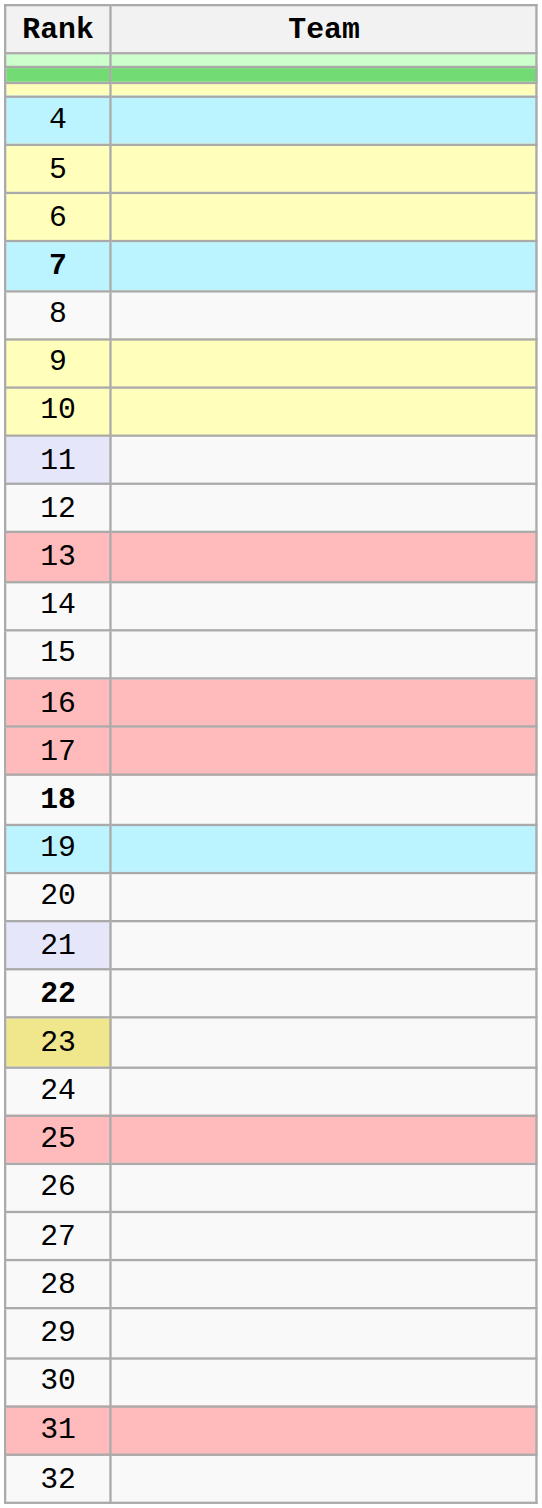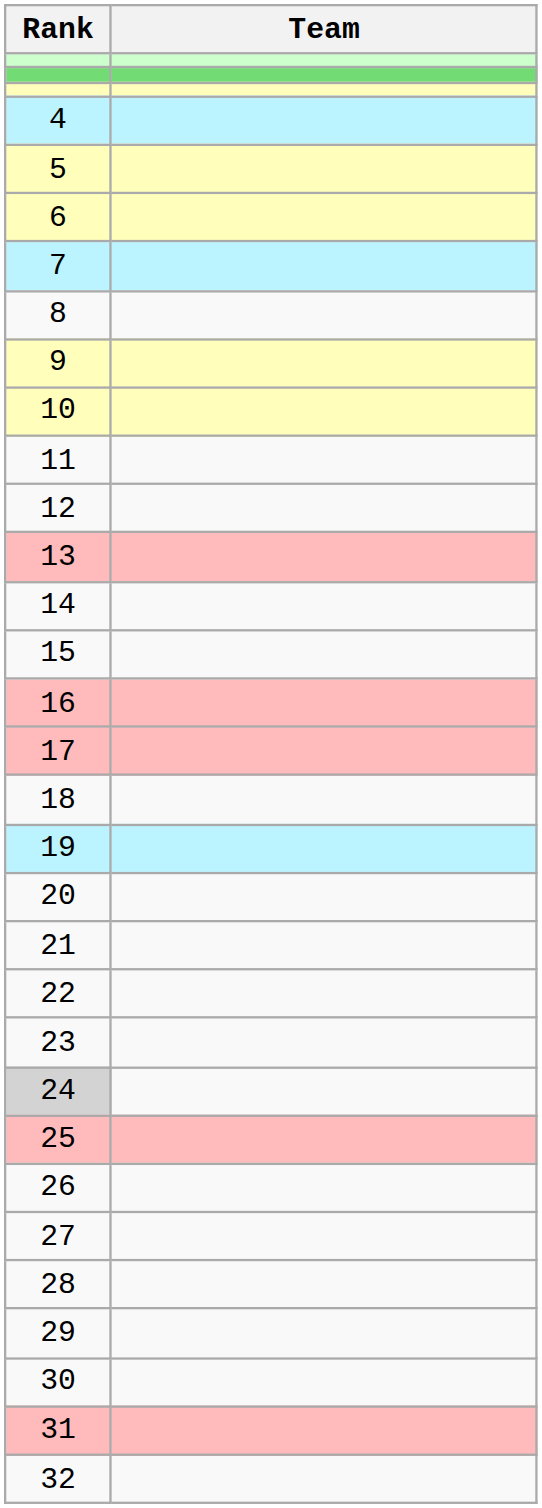 <table class="wikitable">
 <tr>
 <th width=40>Rank</th>
 <th width=180>Team</th>
 </tr>
 <tr bgcolor=#ccffcc>
 <td align=center></td>
 <td></td>
 </tr>
 <tr bgcolor=#73DB73>
 <td align=center></td>
 <td></td>
 </tr>
 <tr bgcolor=#FFFFBB>
 <td align=center></td>
 <td></td>
 </tr>
 <tr bgcolor=#BBF3FF>
 <td align=center>4</td>
 <td></td>
 </tr>
 <tr bgcolor=#FFFFBB>
 <td align=center>5</td>
 <td></td>
 </tr>
 <tr bgcolor=#FFFFBB>
 <td align=center>6</td>
 <td></td>
 </tr>
 <tr bgcolor=#BBF3FF>
-<td align=center><strong>7</strong></td>
+<td align=center>7</td>
 <td></td>
 </tr>
 <tr -bgcolor=#FFFFBB>
 <td align=center>8</td>
 <td></td>
 </tr>
 <tr bgcolor=#FFFFBB>
 <td align=center>9</td>
 <td></td>
 </tr>
 <tr bgcolor=#FFFFBB>
 <td align=center>10</td>
 <td></td>
 </tr>
 <tr>
-<td align=center style="background: lavender;">11</td>
+<td align=center>11</td>
 <td></td>
 </tr>
 <tr>
 <td align=center>12</td>
 <td></td>
 </tr>
 <tr bgcolor=#FFBBBB>
 <td align=center>13</td>
 <td></td>
 </tr>
 <tr>
 <td align=center>14</td>
 <td></td>
 </tr>
 <tr>
 <td align=center>15</td>
 <td></td>
 </tr>
 <tr bgcolor=#FFBBBB>
 <td align=center>16</td>
 <td></td>
 </tr>
 <tr bgcolor=#FFBBBB>
 <td align=center>17</td>
 <td></td>
 </tr>
 <tr>
-<td align=center><strong>18</strong></td>
+<td align=center>18</td>
 <td></td>
 </tr>
 <tr bgcolor=#BBF3FF>
 <td align=center>19</td>
 <td></td>
 </tr>
 <tr>
 <td align=center>20</td>
 <td></td>
 </tr>
 <tr>
-<td align=center style="background: lavender;">21</td>
+<td align=center>21</td>
 <td></td>
 </tr>
 <tr>
-<td align=center><strong>22</strong></td>
+<td align=center>22</td>
 <td></td>
 </tr>
 <tr>
-<td align=center style="background: khaki;">23</td>
+<td align=center>23</td>
 <td></td>
 </tr>
 <tr>
-<td align=center>24</td>
+<td align=center style="background: lightgrey;">24</td>
 <td></td>
 </tr>
 <tr bgcolor=#FFBBBB>
 <td align=center>25</td>
 <td></td>
 </tr>
 <tr>
 <td align=center>26</td>
 <td></td>
 </tr>
 <tr>
 <td align=center>27</td>
 <td></td>
 </tr>
 <tr>
 <td align=center>28</td>
 <td></td>
 </tr>
 <tr>
 <td align=center>29</td>
 <td></td>
 </tr>
 <tr>
 <td align=center>30</td>
 <td></td>
 </tr>
 <tr bgcolor=#FFBBBB>
 <td align=center>31</td>
 <td></td>
 </tr>
 <tr>
 <td align=center>32</td>
 <td></td>
 </tr>
 </table>
